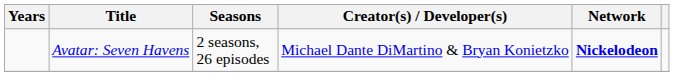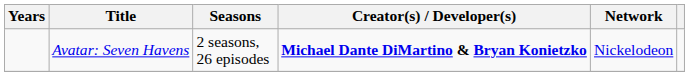 <table class="wikitable sortable">
 <tr>
 <th>Years</th>
 <th>Title</th>
 <th width="80" align="center">Seasons</th>
 <th>Creator(s) / Developer(s)</th>
 <th>Network</th>
 <th></th>
 </tr>
 <tr>
 <td></td>
 <td><em><a href='#'>Avatar: Seven Havens</a></em></td>
 <td>2 seasons, 26 episodes</td>
-<td><a href='#'>Michael Dante DiMartino</a> & <a href='#'>Bryan Konietzko</a></td>
-<td><strong><a href='#'>Nickelodeon</a></strong></td>
+<td><strong><a href='#'>Michael Dante DiMartino</a> & <a href='#'>Bryan Konietzko</a></strong></td>
+<td><a href='#'>Nickelodeon</a></td>
 <td></td>
 </tr>
 <tr>
 </tr>
 </table>
